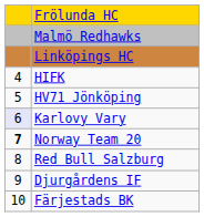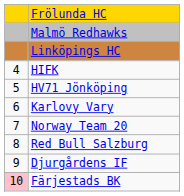 <table class="wikitable" width="200px">
 <tr style="background:#ffd700;">
 <td align=center></td>
 <td> <a href='#'>Frölunda HC</a></td>
 </tr>
 <tr style="background:#c0c0c0;">
 <td align=center></td>
 <td> <a href='#'>Malmö Redhawks</a></td>
 </tr>
 <tr style="background:#CD853F;">
 <td align=center></td>
 <td> <a href='#'>Linköpings HC</a></td>
 </tr>
 <tr>
 <td align=center>4</td>
 <td> <a href='#'>HIFK</a></td>
 </tr>
 <tr>
 <td align=center>5</td>
 <td> <a href='#'>HV71 Jönköping</a></td>
 </tr>
 <tr>
-<td align=center style="background: lavender;">6</td>
+<td align=center>6</td>
 <td> <a href='#'>Karlovy Vary</a></td>
 </tr>
 <tr>
-<td align=center><strong>7</strong></td>
+<td align=center>7</td>
 <td> <a href='#'>Norway Team 20</a></td>
 </tr>
 <tr>
 <td align=center>8</td>
 <td> <a href='#'>Red Bull Salzburg</a></td>
 </tr>
 <tr>
 <td align=center>9</td>
 <td> <a href='#'>Djurgårdens IF</a></td>
 </tr>
 <tr>
-<td align=center>10</td>
+<td align=center style="background: pink;">10</td>
 <td> <a href='#'>Färjestads BK</a></td>
 </tr>
 </table>
